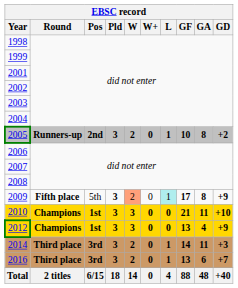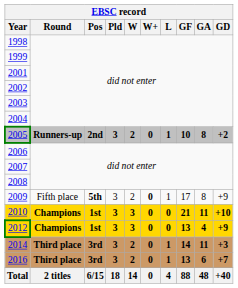 <table class="wikitable" style="text-align: center;">
 <tr>
 <th colspan=10><a href='#'>EBSC</a> record</th>
 </tr>
 <tr>
 <th>Year</th>
 <th>Round</th>
 <th width=20>Pos</th>
 <th width=20>Pld</th>
 <th width=20>W</th>
 <th width=20>W+</th>
 <th width=20>L</th>
 <th width=20>GF</th>
 <th width=20>GA</th>
 <th width=20>GD</th>
 </tr>
 <tr>
 <td> <a href='#'>1998</a></td>
 <td rowspan=6 colspan=9><em>did not enter</em></td>
 </tr>
 <tr>
 <td> <a href='#'>1999</a></td>
 </tr>
 <tr>
 <td> <a href='#'>2001</a></td>
 </tr>
 <tr>
 <td> <a href='#'>2002</a></td>
 </tr>
 <tr>
 <td> <a href='#'>2003</a></td>
 </tr>
 <tr>
 <td> <a href='#'>2004</a></td>
 </tr>
 <tr style="background:Silver;">
 <td style="border: 3px solid green"> <a href='#'>2005</a></td>
 <td><strong>Runners-up</strong></td>
 <td><strong>2nd</strong></td>
 <td><strong>3</strong></td>
 <td><strong>2</strong></td>
 <td><strong>0</strong></td>
 <td><strong>1</strong></td>
 <td><strong>10</strong></td>
 <td><strong>8</strong></td>
 <td><strong>+2</strong></td>
 </tr>
 <tr>
 <td> <a href='#'>2006</a></td>
 <td rowspan=3 colspan=9><em>did not enter</em></td>
 </tr>
 <tr>
 <td> <a href='#'>2007</a></td>
 </tr>
 <tr>
 <td> <a href='#'>2008</a></td>
 </tr>
 <tr>
 <td> <a href='#'>2009</a></td>
-<td><strong>Fifth place</strong></td>
-<td>5th</td>
-<td><strong>3</strong></td>
-<td style="background: lightsalmon;">2</td>
-<td>0</td>
-<td style="background: paleturquoise;">1</td>
-<td><strong>17</strong></td>
-<td><strong>8</strong></td>
-<td><strong>+9</strong></td>
+<td>Fifth place</td>
+<td><strong>5th</strong></td>
+<td>3</td>
+<td>2</td>
+<td><strong>0</strong></td>
+<td>1</td>
+<td>17</td>
+<td>8</td>
+<td>+9</td>
 </tr>
 <tr style="background:Gold;">
 <td> <a href='#'>2010</a></td>
 <td><strong>Champions</strong></td>
 <td><strong>1st</strong></td>
 <td><strong>3</strong></td>
 <td><strong>3</strong></td>
 <td><strong>0</strong></td>
 <td><strong>0</strong></td>
 <td><strong>21</strong></td>
 <td><strong>11</strong></td>
 <td><strong>+10</strong></td>
 </tr>
 <tr style="background:Gold;">
 <td style="border: 3px solid green"> <a href='#'>2012</a></td>
 <td><strong>Champions</strong></td>
 <td><strong>1st</strong></td>
 <td><strong>3</strong></td>
 <td><strong>3</strong></td>
 <td><strong>0</strong></td>
 <td><strong>0</strong></td>
 <td><strong>13</strong></td>
 <td><strong>4</strong></td>
 <td><strong>+9</strong></td>
 </tr>
 <tr style="background:#c96;">
 <td> <a href='#'>2014</a></td>
 <td><strong>Third place</strong></td>
 <td><strong>3rd</strong></td>
 <td><strong>3</strong></td>
 <td><strong>2</strong></td>
 <td><strong>0</strong></td>
 <td><strong>1</strong></td>
 <td><strong>14</strong></td>
 <td><strong>11</strong></td>
 <td><strong>+3</strong></td>
 </tr>
 <tr style="background:#c96;">
 <td> <a href='#'>2016</a></td>
 <td><strong>Third place</strong></td>
 <td><strong>3rd</strong></td>
 <td><strong>3</strong></td>
 <td><strong>2</strong></td>
 <td><strong>0</strong></td>
 <td><strong>1</strong></td>
 <td><strong>13</strong></td>
 <td><strong>6</strong></td>
 <td><strong>+7</strong></td>
 </tr>
 <tr>
 <th>Total</th>
 <th>2 titles</th>
 <th>6/15</th>
 <th>18</th>
 <th>14</th>
 <th>0</th>
 <th>4</th>
 <th>88</th>
 <th>48</th>
 <th>+40</th>
 </tr>
 </table>
